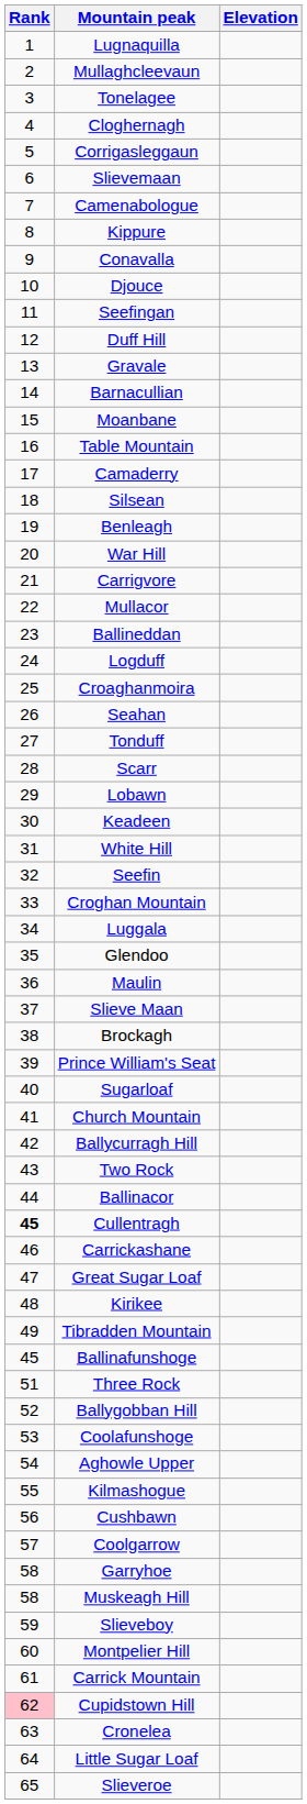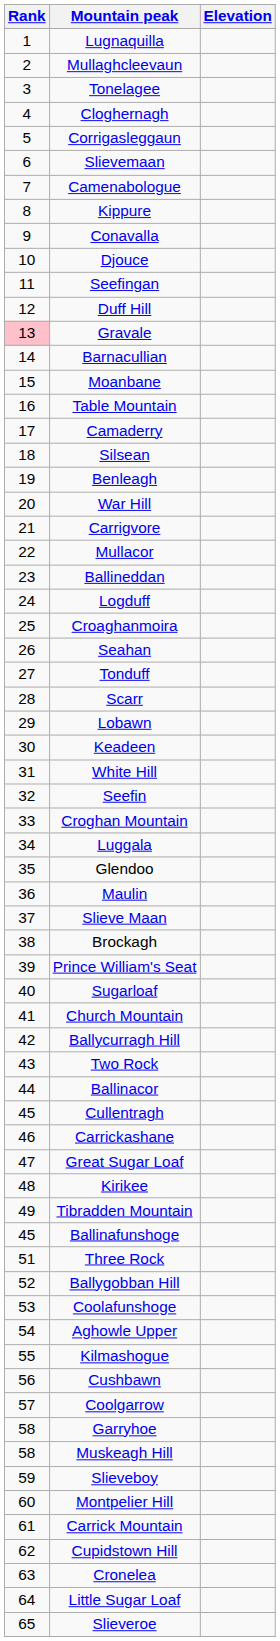 <table class="wikitable sortable" style="text-align:center;">
 <tr>
 <th><a href='#'>Rank</a></th>
 <th><a href='#'>Mountain peak</a></th>
 <th><a href='#'>Elevation</a></th>
 </tr>
 <tr>
 </tr>
 <tr valign="left">
 </tr>
 <tr>
 <td>1</td>
 <td><a href='#'>Lugnaquilla</a></td>
 <td></td>
 </tr>
 <tr>
 <td>2</td>
 <td><a href='#'>Mullaghcleevaun</a></td>
 <td></td>
 </tr>
 <tr>
 <td>3</td>
 <td><a href='#'>Tonelagee</a></td>
 <td></td>
 </tr>
 <tr>
 <td>4</td>
 <td><a href='#'>Cloghernagh</a></td>
 <td></td>
 </tr>
 <tr>
 <td>5</td>
 <td><a href='#'>Corrigasleggaun</a></td>
 <td></td>
 </tr>
 <tr>
 <td>6</td>
 <td><a href='#'>Slievemaan</a></td>
 <td></td>
 </tr>
 <tr>
 <td>7</td>
 <td><a href='#'>Camenabologue</a></td>
 <td></td>
 </tr>
 <tr>
 <td>8</td>
 <td><a href='#'>Kippure</a></td>
 <td></td>
 </tr>
 <tr>
 <td>9</td>
 <td><a href='#'>Conavalla</a></td>
 <td></td>
 </tr>
 <tr>
 <td>10</td>
 <td><a href='#'>Djouce</a></td>
 <td></td>
 </tr>
 <tr>
 <td>11</td>
 <td><a href='#'>Seefingan</a></td>
 <td></td>
 </tr>
 <tr>
 <td>12</td>
 <td><a href='#'>Duff Hill</a></td>
 <td></td>
 </tr>
 <tr>
-<td>13</td>
+<td style="background: pink;">13</td>
 <td><a href='#'>Gravale</a></td>
 <td></td>
 </tr>
 <tr>
 <td>14</td>
 <td><a href='#'>Barnacullian</a></td>
 <td></td>
 </tr>
 <tr>
 <td>15</td>
 <td><a href='#'>Moanbane</a></td>
 <td></td>
 </tr>
 <tr>
 <td>16</td>
 <td><a href='#'>Table Mountain</a></td>
 <td></td>
 </tr>
 <tr>
 <td>17</td>
 <td><a href='#'>Camaderry</a></td>
 <td></td>
 </tr>
 <tr>
 <td>18</td>
 <td><a href='#'>Silsean</a></td>
 <td></td>
 </tr>
 <tr>
 <td>19</td>
 <td><a href='#'>Benleagh</a></td>
 <td></td>
 </tr>
 <tr>
 <td>20</td>
 <td><a href='#'>War Hill</a></td>
 <td></td>
 </tr>
 <tr>
 <td>21</td>
 <td><a href='#'>Carrigvore</a></td>
 <td></td>
 </tr>
 <tr>
 <td>22</td>
 <td><a href='#'>Mullacor</a></td>
 <td></td>
 </tr>
 <tr>
 <td>23</td>
 <td><a href='#'>Ballineddan</a></td>
 <td></td>
 </tr>
 <tr>
 <td>24</td>
 <td><a href='#'>Logduff</a></td>
 <td></td>
 </tr>
 <tr>
 <td>25</td>
 <td><a href='#'>Croaghanmoira</a></td>
 <td></td>
 </tr>
 <tr>
 <td>26</td>
 <td><a href='#'>Seahan</a></td>
 <td></td>
 </tr>
 <tr>
 <td>27</td>
 <td><a href='#'>Tonduff</a></td>
 <td></td>
 </tr>
 <tr>
 <td>28</td>
 <td><a href='#'>Scarr</a></td>
 <td></td>
 </tr>
 <tr>
 <td>29</td>
 <td><a href='#'>Lobawn</a></td>
 <td></td>
 </tr>
 <tr>
 <td>30</td>
 <td><a href='#'>Keadeen</a></td>
 <td></td>
 </tr>
 <tr>
 <td>31</td>
 <td><a href='#'>White Hill</a></td>
 <td></td>
 </tr>
 <tr>
 <td>32</td>
 <td><a href='#'>Seefin</a></td>
 <td></td>
 </tr>
 <tr>
 <td>33</td>
 <td><a href='#'>Croghan Mountain</a></td>
 <td></td>
 </tr>
 <tr>
 <td>34</td>
 <td><a href='#'>Luggala</a></td>
 <td></td>
 </tr>
 <tr>
 <td>35</td>
 <td>Glendoo</td>
 <td></td>
 </tr>
 <tr>
 <td>36</td>
 <td><a href='#'>Maulin</a></td>
 <td></td>
 </tr>
 <tr>
 <td>37</td>
 <td><a href='#'>Slieve Maan</a></td>
 <td></td>
 </tr>
 <tr>
 <td>38</td>
 <td>Brockagh</td>
 <td></td>
 </tr>
 <tr>
 <td>39</td>
 <td><a href='#'>Prince William's Seat</a></td>
 <td></td>
 </tr>
 <tr>
 <td>40</td>
 <td><a href='#'>Sugarloaf</a></td>
 <td></td>
 </tr>
 <tr>
 <td>41</td>
 <td><a href='#'>Church Mountain</a></td>
 <td></td>
 </tr>
 <tr>
 <td>42</td>
 <td><a href='#'>Ballycurragh Hill</a></td>
 <td></td>
 </tr>
 <tr>
 <td>43</td>
 <td><a href='#'>Two Rock</a></td>
 <td></td>
 </tr>
 <tr>
 <td>44</td>
 <td><a href='#'>Ballinacor</a></td>
 <td></td>
 </tr>
 <tr>
-<td><strong>45</strong></td>
+<td>45</td>
 <td><a href='#'>Cullentragh</a></td>
 <td></td>
 </tr>
 <tr>
 <td>46</td>
 <td><a href='#'>Carrickashane</a></td>
 <td></td>
 </tr>
 <tr>
 <td>47</td>
 <td><a href='#'>Great Sugar Loaf</a></td>
 <td></td>
 </tr>
 <tr>
 <td>48</td>
 <td><a href='#'>Kirikee</a></td>
 <td></td>
 </tr>
 <tr>
 <td>49</td>
 <td><a href='#'>Tibradden Mountain</a></td>
 <td></td>
 </tr>
 <tr>
 <td>45</td>
 <td><a href='#'>Ballinafunshoge</a></td>
 <td></td>
 </tr>
 <tr>
 <td>51</td>
 <td><a href='#'>Three Rock</a></td>
 <td></td>
 </tr>
 <tr>
 <td>52</td>
 <td><a href='#'>Ballygobban Hill</a></td>
 <td></td>
 </tr>
 <tr>
 <td>53</td>
 <td><a href='#'>Coolafunshoge</a></td>
 <td></td>
 </tr>
 <tr>
 <td>54</td>
 <td><a href='#'>Aghowle Upper</a></td>
 <td></td>
 </tr>
 <tr>
 <td>55</td>
 <td><a href='#'>Kilmashogue</a></td>
 <td></td>
 </tr>
 <tr>
 <td>56</td>
 <td><a href='#'>Cushbawn</a></td>
 <td></td>
 </tr>
 <tr>
 <td>57</td>
 <td><a href='#'>Coolgarrow</a></td>
 <td></td>
 </tr>
 <tr>
 <td>58</td>
 <td><a href='#'>Garryhoe</a></td>
 <td></td>
 </tr>
 <tr>
 <td>58</td>
 <td><a href='#'>Muskeagh Hill</a></td>
 <td></td>
 </tr>
 <tr>
 <td>59</td>
 <td><a href='#'>Slieveboy</a></td>
 <td></td>
 </tr>
 <tr>
 <td>60</td>
 <td><a href='#'>Montpelier Hill</a></td>
 <td></td>
 </tr>
 <tr>
 <td>61</td>
 <td><a href='#'>Carrick Mountain</a></td>
 <td></td>
 </tr>
 <tr>
-<td style="background: pink;">62</td>
+<td>62</td>
 <td><a href='#'>Cupidstown Hill</a></td>
 <td></td>
 </tr>
 <tr>
 <td>63</td>
 <td><a href='#'>Cronelea</a></td>
 <td></td>
 </tr>
 <tr>
 <td>64</td>
 <td><a href='#'>Little Sugar Loaf</a></td>
 <td></td>
 </tr>
 <tr>
 <td>65</td>
 <td><a href='#'>Slieveroe</a></td>
 <td></td>
 </tr>
 <tr>
 </tr>
 </table>
